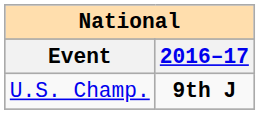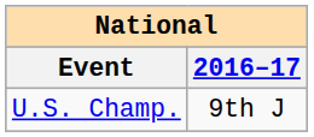 <table class="wikitable" style="text-align:center">
 <tr>
 <th colspan="2" style="background-color: #ffdead; " align="center">National</th>
 </tr>
 <tr>
 <th>Event</th>
 <th><a href='#'>2016–17</a></th>
 </tr>
 <tr>
 <td align=left><a href='#'>U.S. Champ.</a></td>
-<td><strong>9th J</strong></td>
+<td>9th J</td>
 </tr>
 </table>
